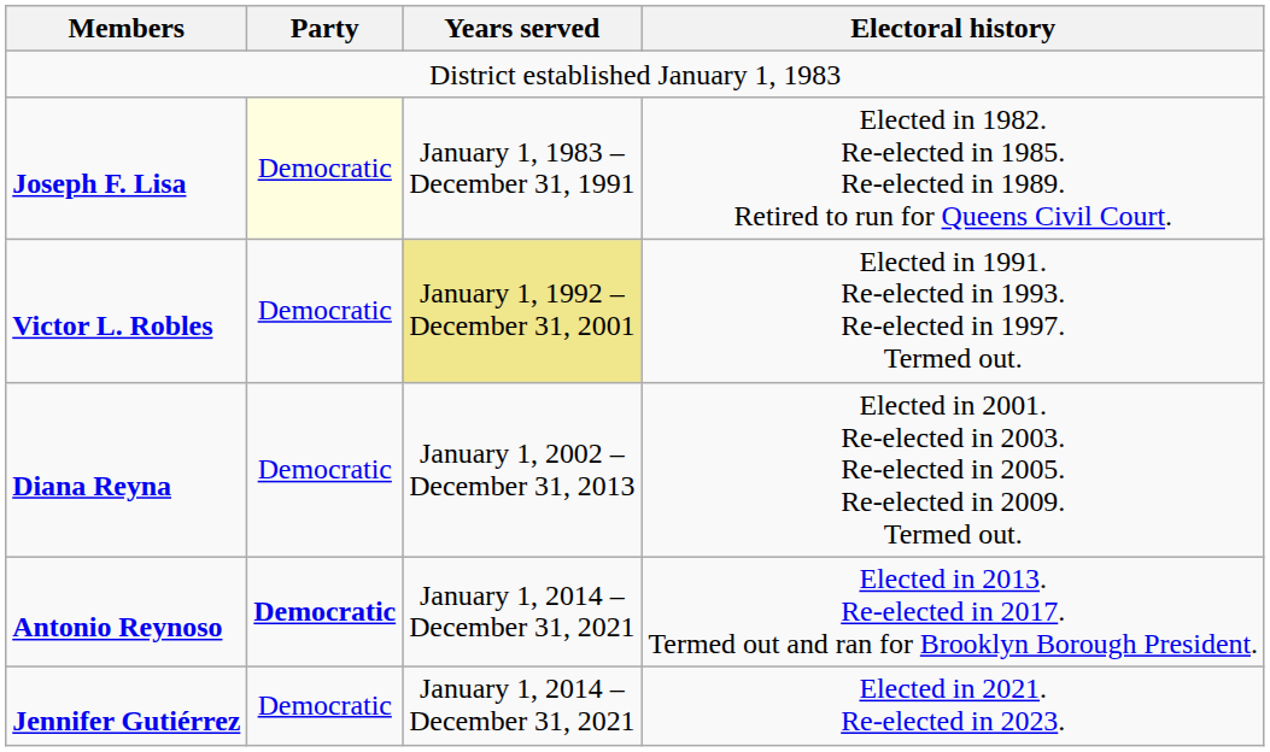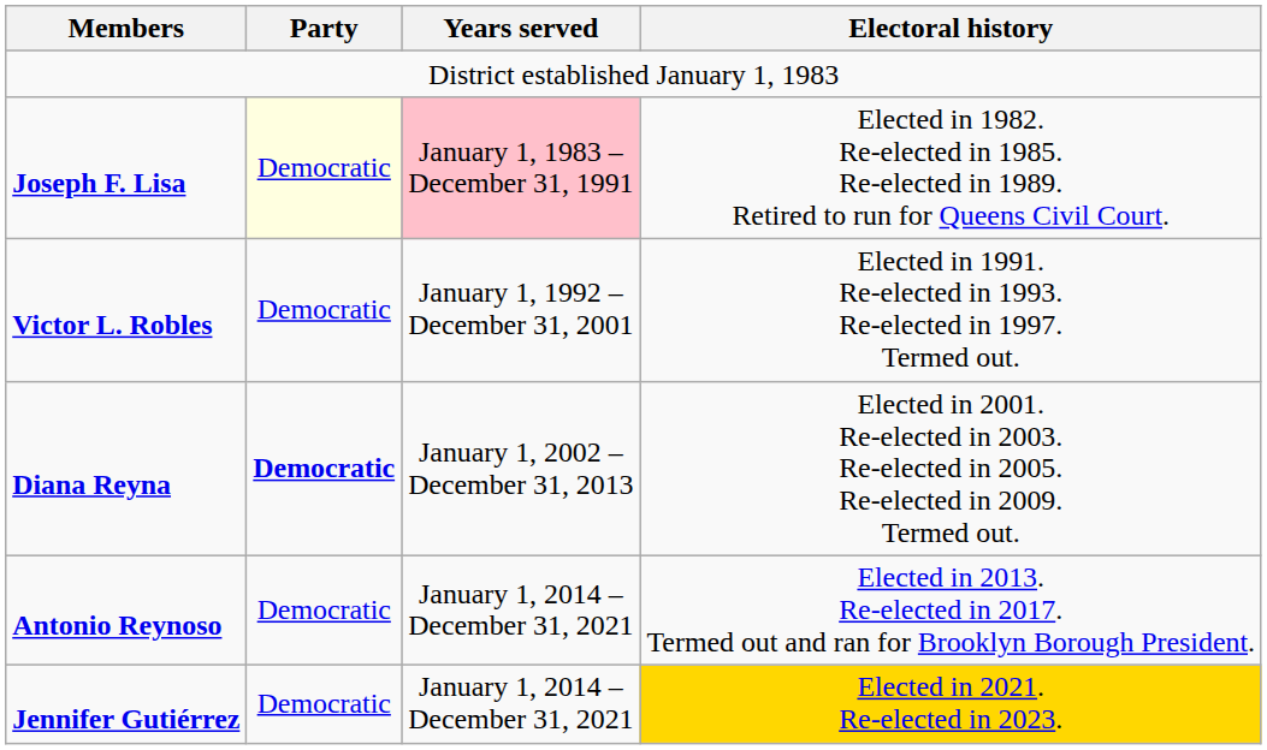 <table class=wikitable style="text-align:center">
 <tr>
 <th>Members</th>
 <th>Party</th>
 <th>Years served</th>
 <th>Electoral history</th>
 </tr>
 <tr>
 <td colspan=5>District established January 1, 1983</td>
 </tr>
 <tr>
 <td align=left><br><strong><a href='#'>Joseph F. Lisa</a></strong><br></td>
 <td style="background: lightyellow;"><a href='#'>Democratic</a></td>
-<td>January 1, 1983 – <br> December 31, 1991</td>
+<td style="background: pink;">January 1, 1983 – <br> December 31, 1991</td>
 <td>Elected in 1982. <br> Re-elected in 1985. <br> Re-elected in 1989. <br> Retired to run for <a href='#'>Queens Civil Court</a>.</td>
 </tr>
 <tr>
 <td align=left><br><strong><a href='#'>Victor L. Robles</a></strong><br></td>
 <td><a href='#'>Democratic</a></td>
-<td style="background: khaki;">January 1, 1992 – <br> December 31, 2001</td>
+<td>January 1, 1992 – <br> December 31, 2001</td>
 <td>Elected in 1991. <br> Re-elected in 1993. <br> Re-elected in 1997. <br> Termed out.</td>
 </tr>
 <tr>
 <td align=left><br><strong><a href='#'>Diana Reyna</a></strong><br></td>
-<td><a href='#'>Democratic</a></td>
+<td><strong><a href='#'>Democratic</a></strong></td>
 <td>January 1, 2002 – <br> December 31, 2013</td>
 <td>Elected in 2001. <br> Re-elected in 2003. <br> Re-elected in 2005. <br> Re-elected in 2009. <br> Termed out.</td>
 </tr>
 <tr>
 <td align=left><br><strong><a href='#'>Antonio Reynoso</a></strong><br></td>
-<td><strong><a href='#'>Democratic</a></strong></td>
+<td><a href='#'>Democratic</a></td>
 <td>January 1, 2014 – <br> December 31, 2021</td>
 <td><a href='#'>Elected in 2013</a>. <br> <a href='#'>Re-elected in 2017</a>. <br> Termed out and ran for <a href='#'>Brooklyn Borough President</a>.</td>
 </tr>
 <tr>
 <td align=left><br><strong><a href='#'>Jennifer Gutiérrez</a></strong><br></td>
 <td><a href='#'>Democratic</a></td>
 <td>January 1, 2014 – <br> December 31, 2021</td>
-<td><a href='#'>Elected in 2021</a>. <br> <a href='#'>Re-elected in 2023</a>.</td>
+<td style="background: gold;"><a href='#'>Elected in 2021</a>. <br> <a href='#'>Re-elected in 2023</a>.</td>
 </tr>
 </table>
